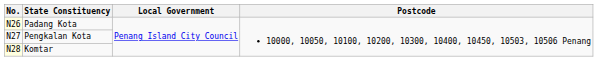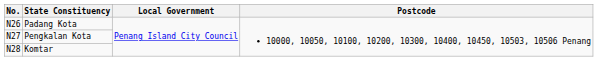 <table class="wikitable">
 <tr>
 <th>No.</th>
 <th>State Constituency</th>
 <th>Local Government</th>
 <th>Postcode</th>
 </tr>
 <tr>
-<td style="background: lightyellow;">N26</td>
+<td>N26</td>
 <td>Padang Kota</td>
 <td rowspan="3"><a href='#'>Penang Island City Council</a></td>
 <td rowspan="3"><br><ul><li>10000, 10050, 10100, 10200, 10300, 10400, 10450, 10503, 10506 Penang</li></ul></td>
 </tr>
 <tr>
 <td>N27</td>
 <td>Pengkalan Kota</td>
 </tr>
 <tr>
-<td style="background: lightyellow;">N28</td>
+<td>N28</td>
 <td>Komtar</td>
 </tr>
 </table>
